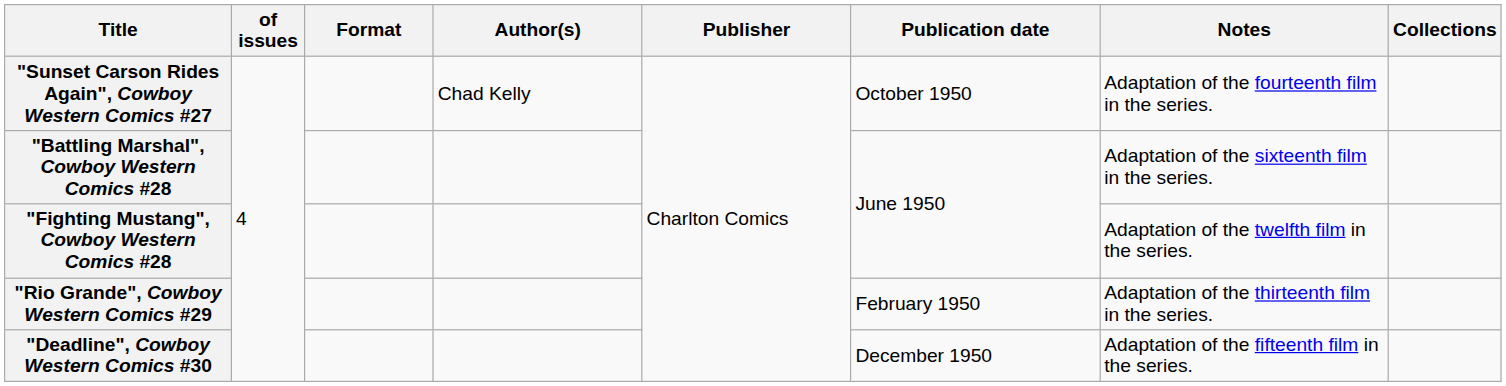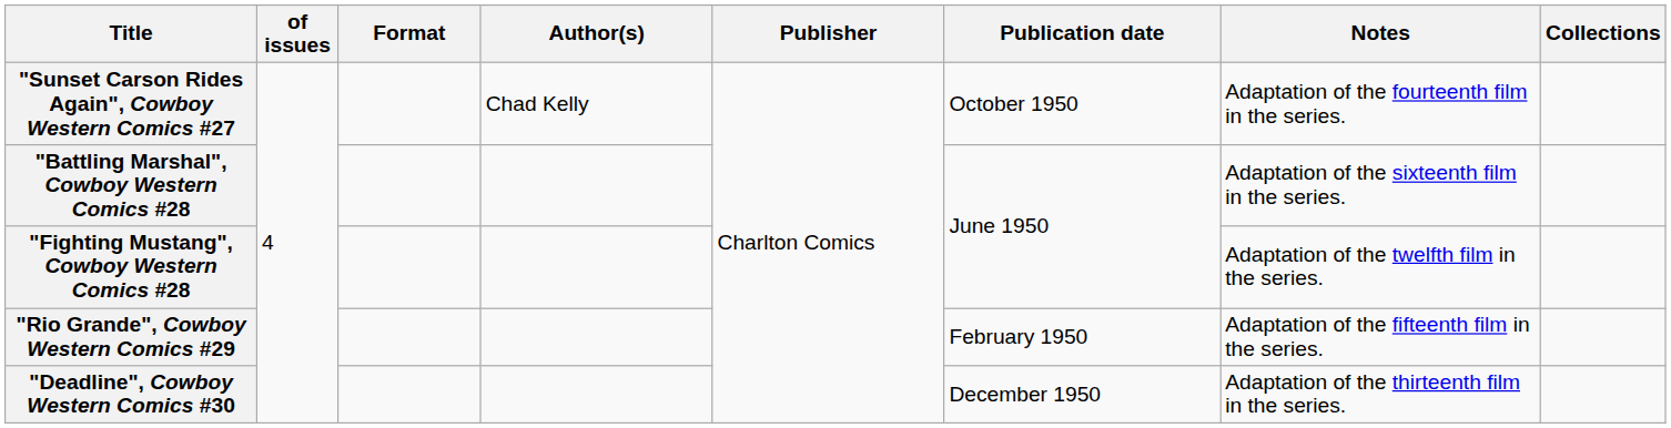 <table class="wikitable">
 <tr>
 <th>Title</th>
 <th style="width:40pt"> of issues</th>
 <th style="width:75pt">Format</th>
 <th style="width:125pt">Author(s)</th>
 <th style="width:125pt">Publisher</th>
 <th style="width:150pt">Publication date</th>
 <th style="width:175pt">Notes</th>
 <th>Collections</th>
 </tr>
 <tr>
 <th>"Sunset Carson Rides Again", <em>Cowboy Western Comics</em> #27</th>
 <td rowspan="5">4</td>
 <td></td>
 <td>Chad Kelly</td>
 <td rowspan="5">Charlton Comics</td>
 <td>October 1950</td>
 <td>Adaptation of the <a href='#'>fourteenth film</a> in the series.</td>
 <td></td>
 </tr>
 <tr>
 <th>"Battling Marshal", <em>Cowboy Western Comics</em> #28</th>
 <td></td>
 <td></td>
 <td rowspan="2">June 1950</td>
 <td>Adaptation of the <a href='#'>sixteenth film</a> in the series.</td>
 <td></td>
 </tr>
 <tr>
 <th>"Fighting Mustang", <em>Cowboy Western Comics</em> #28</th>
 <td></td>
 <td></td>
 <td>Adaptation of the <a href='#'>twelfth film</a> in the series.</td>
 <td></td>
 </tr>
 <tr>
 <th>"Rio Grande", <em>Cowboy Western Comics</em> #29</th>
 <td></td>
 <td></td>
 <td>February 1950</td>
-<td>Adaptation of the <a href='#'>thirteenth film</a> in the series.</td>
+<td>Adaptation of the <a href='#'>fifteenth film</a> in the series.</td>
 <td></td>
 </tr>
 <tr>
 <th>"Deadline", <em>Cowboy Western Comics</em> #30</th>
 <td></td>
 <td></td>
 <td>December 1950</td>
-<td>Adaptation of the <a href='#'>fifteenth film</a> in the series.</td>
+<td>Adaptation of the <a href='#'>thirteenth film</a> in the series.</td>
 <td></td>
 </tr>
 </table>
